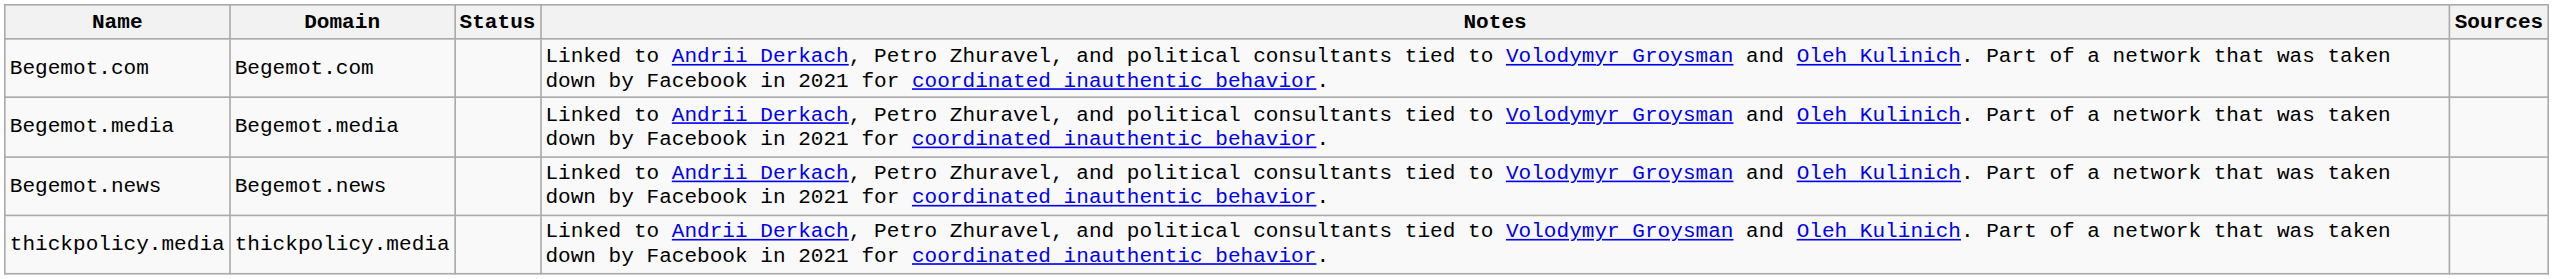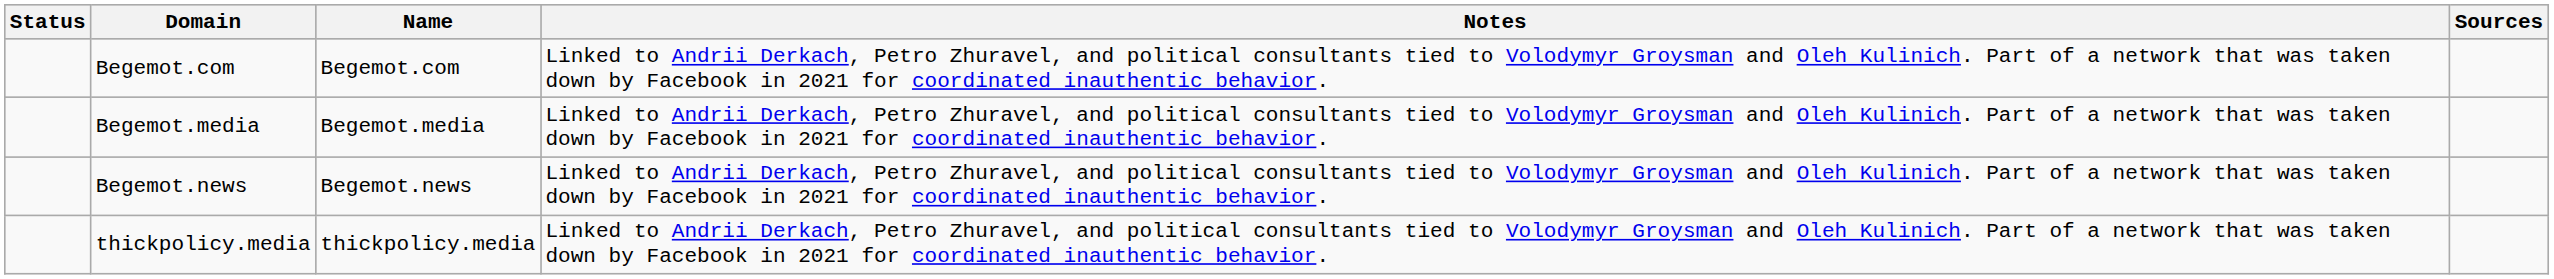 <table class="wikitable sortable mw-collapsible mw-collapsed">
 <tr>
+<th>Status</th>
+<th>Domain</th>
 <th>Name</th>
-<th>Domain</th>
-<th>Status</th>
 <th class="sortable">Notes</th>
 <th class="unsortable">Sources</th>
 </tr>
 <tr>
+<td></td>
 <td>Begemot.com</td>
 <td>Begemot.com</td>
-<td></td>
 <td>Linked to <a href='#'>Andrii Derkach</a>, Petro Zhuravel, and political consultants tied to <a href='#'>Volodymyr Groysman</a> and <a href='#'>Oleh Kulinich</a>. Part of a network that was taken down by Facebook in 2021 for <a href='#'>coordinated inauthentic behavior</a>.</td>
 <td></td>
 </tr>
 <tr>
+<td></td>
 <td>Begemot.media</td>
 <td>Begemot.media</td>
-<td></td>
 <td>Linked to <a href='#'>Andrii Derkach</a>, Petro Zhuravel, and political consultants tied to <a href='#'>Volodymyr Groysman</a> and <a href='#'>Oleh Kulinich</a>. Part of a network that was taken down by Facebook in 2021 for <a href='#'>coordinated inauthentic behavior</a>.</td>
 <td></td>
 </tr>
 <tr>
+<td></td>
 <td>Begemot.news</td>
 <td>Begemot.news</td>
-<td></td>
 <td>Linked to <a href='#'>Andrii Derkach</a>, Petro Zhuravel, and political consultants tied to <a href='#'>Volodymyr Groysman</a> and <a href='#'>Oleh Kulinich</a>. Part of a network that was taken down by Facebook in 2021 for <a href='#'>coordinated inauthentic behavior</a>.</td>
 <td></td>
 </tr>
 <tr>
+<td></td>
 <td>thickpolicy.media</td>
 <td>thickpolicy.media</td>
-<td></td>
 <td>Linked to <a href='#'>Andrii Derkach</a>, Petro Zhuravel, and political consultants tied to <a href='#'>Volodymyr Groysman</a> and <a href='#'>Oleh Kulinich</a>. Part of a network that was taken down by Facebook in 2021 for <a href='#'>coordinated inauthentic behavior</a>.</td>
 <td></td>
 </tr>
 </table>
